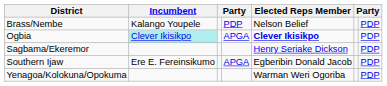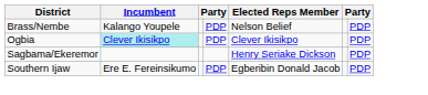 <table class="sortable wikitable" style="font-size:95%;line-height:14px;">
 <tr>
 <th class="unsortable">District</th>
 <th class="unsortable"><a href='#'>Incumbent</a></th>
 <th colspan="2">Party</th>
 <th class="unsortable">Elected Reps Member</th>
 <th colspan="2">Party</th>
 </tr>
 <tr>
 <td>Brass/Nembe</td>
 <td>Kalango Youpele</td>
 <td style="background:"></td>
 <td><a href='#'>PDP</a></td>
 <td>Nelson Belief</td>
 <td style="background:"></td>
 <td><a href='#'>PDP</a></td>
 </tr>
 <tr>
 <td>Ogbia</td>
 <td style="background: paleturquoise;"><a href='#'>Clever Ikisikpo</a></td>
 <td style="background:"></td>
-<td><a href='#'>APGA</a></td>
-<td><strong><a href='#'>Clever Ikisikpo</a></strong></td>
+<td><a href='#'>PDP</a></td>
+<td><a href='#'>Clever Ikisikpo</a></td>
 <td style="background:"></td>
 <td><a href='#'>PDP</a></td>
 </tr>
 <tr>
 <td>Sagbama/Ekeremor</td>
 <td></td>
 <td style="background:;"></td>
 <td></td>
 <td><a href='#'>Henry Seriake Dickson</a></td>
 <td style="background:"></td>
 <td><a href='#'>PDP</a></td>
 </tr>
 <tr>
 <td>Southern Ijaw</td>
 <td>Ere E. Fereinsikumo</td>
 <td style="background:"></td>
-<td><a href='#'>APGA</a></td>
+<td><a href='#'>PDP</a></td>
 <td>Egberibin Donald Jacob</td>
 <td style="background:"></td>
 <td><a href='#'>PDP</a></td>
 </tr>
-<tr>
-<td>Yenagoa/Kolokuna/Opokuma</td>
-<td></td>
-<td style="background:;"></td>
-<td></td>
-<td>Warman Weri Ogoriba</td>
-<td style="background:"></td>
-<td><a href='#'>PDP</a></td>
-</tr>
 </table>
